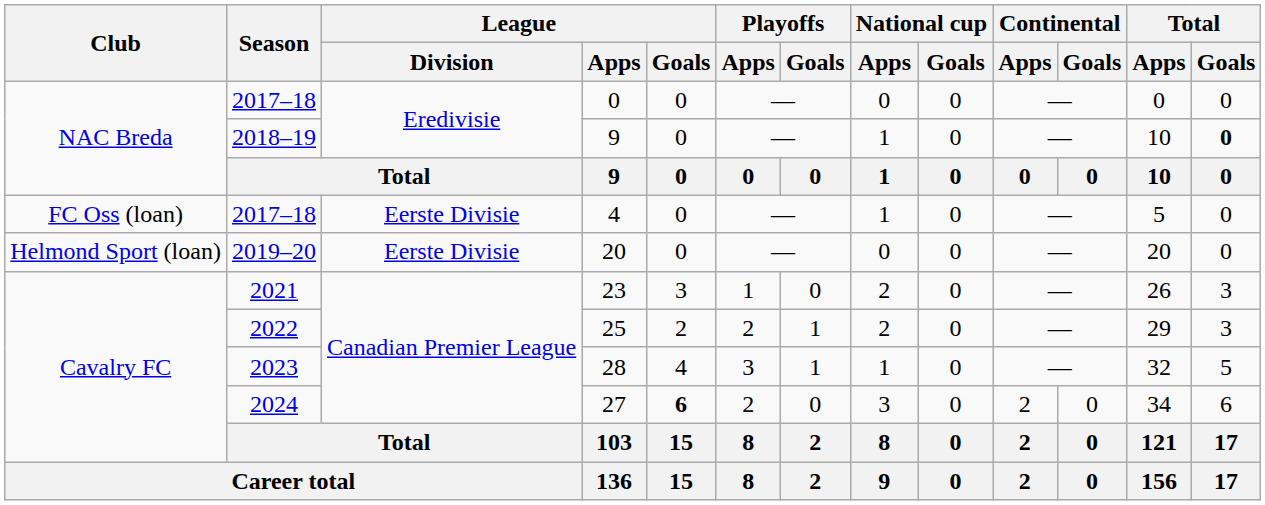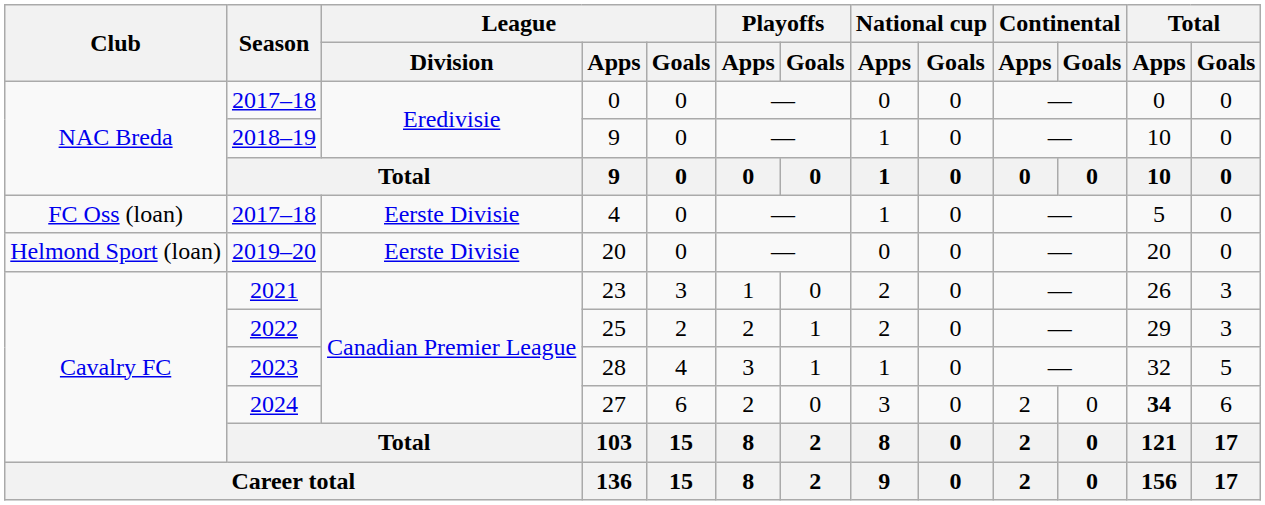 <table class="wikitable" style="text-align: center;">
 <tr>
 <th rowspan="2">Club</th>
 <th rowspan="2">Season</th>
 <th colspan="3">League</th>
 <th colspan="2">Playoffs</th>
 <th colspan="2">National cup</th>
 <th colspan="2">Continental</th>
 <th colspan="2">Total</th>
 </tr>
 <tr>
 <th>Division</th>
 <th>Apps</th>
 <th>Goals</th>
 <th>Apps</th>
 <th>Goals</th>
 <th>Apps</th>
 <th>Goals</th>
 <th>Apps</th>
 <th>Goals</th>
 <th>Apps</th>
 <th>Goals</th>
 </tr>
 <tr>
 <td rowspan="3"><a href='#'>NAC Breda</a></td>
 <td><a href='#'>2017–18</a></td>
 <td rowspan=2><a href='#'>Eredivisie</a></td>
 <td>0</td>
 <td>0</td>
 <td colspan="2">—</td>
 <td>0</td>
 <td>0</td>
 <td colspan="2">—</td>
 <td>0</td>
 <td>0</td>
 </tr>
 <tr>
 <td><a href='#'>2018–19</a></td>
 <td>9</td>
 <td>0</td>
 <td colspan="2">—</td>
 <td>1</td>
 <td>0</td>
 <td colspan="2">—</td>
 <td>10</td>
-<td><strong>0</strong></td>
+<td>0</td>
 </tr>
 <tr>
 <th colspan="2">Total</th>
 <th>9</th>
 <th>0</th>
 <th>0</th>
 <th>0</th>
 <th>1</th>
 <th>0</th>
 <th>0</th>
 <th>0</th>
 <th>10</th>
 <th>0</th>
 </tr>
 <tr>
 <td><a href='#'>FC Oss</a> (loan)</td>
 <td><a href='#'>2017–18</a></td>
 <td><a href='#'>Eerste Divisie</a></td>
 <td>4</td>
 <td>0</td>
 <td colspan="2">—</td>
 <td>1</td>
 <td>0</td>
 <td colspan="2">—</td>
 <td>5</td>
 <td>0</td>
 </tr>
 <tr>
 <td><a href='#'>Helmond Sport</a> (loan)</td>
 <td><a href='#'>2019–20</a></td>
 <td><a href='#'>Eerste Divisie</a></td>
 <td>20</td>
 <td>0</td>
 <td colspan="2">—</td>
 <td>0</td>
 <td>0</td>
 <td colspan="2">—</td>
 <td>20</td>
 <td>0</td>
 </tr>
 <tr>
 <td rowspan="5"><a href='#'>Cavalry FC</a></td>
 <td><a href='#'>2021</a></td>
 <td rowspan=4><a href='#'>Canadian Premier League</a></td>
 <td>23</td>
 <td>3</td>
 <td>1</td>
 <td>0</td>
 <td>2</td>
 <td>0</td>
 <td colspan="2">—</td>
 <td>26</td>
 <td>3</td>
 </tr>
 <tr>
 <td><a href='#'>2022</a></td>
 <td>25</td>
 <td>2</td>
 <td>2</td>
 <td>1</td>
 <td>2</td>
 <td>0</td>
 <td colspan="2">—</td>
 <td>29</td>
 <td>3</td>
 </tr>
 <tr>
 <td><a href='#'>2023</a></td>
 <td>28</td>
 <td>4</td>
 <td>3</td>
 <td>1</td>
 <td>1</td>
 <td>0</td>
 <td colspan="2">—</td>
 <td>32</td>
 <td>5</td>
 </tr>
 <tr>
 <td><a href='#'>2024</a></td>
 <td>27</td>
-<td><strong>6</strong></td>
+<td>6</td>
 <td>2</td>
 <td>0</td>
 <td>3</td>
 <td>0</td>
 <td>2</td>
 <td>0</td>
-<td>34</td>
+<td><strong>34</strong></td>
 <td>6</td>
 </tr>
 <tr>
 <th colspan="2">Total</th>
 <th>103</th>
 <th>15</th>
 <th>8</th>
 <th>2</th>
 <th>8</th>
 <th>0</th>
 <th>2</th>
 <th>0</th>
 <th>121</th>
 <th>17</th>
 </tr>
 <tr>
 <th colspan="3">Career total</th>
 <th>136</th>
 <th>15</th>
 <th>8</th>
 <th>2</th>
 <th>9</th>
 <th>0</th>
 <th>2</th>
 <th>0</th>
 <th>156</th>
 <th>17</th>
 </tr>
 </table>
